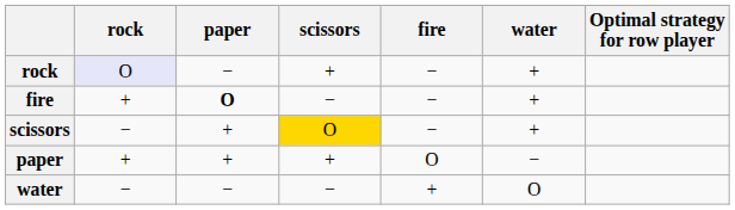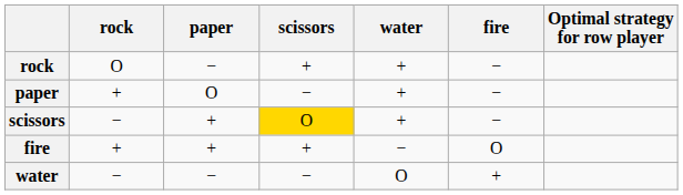 <table class="wikitable">
 <tr>
 <th></th>
 <th style=min-width:5em>rock</th>
 <th style=min-width:5em>paper</th>
 <th style=min-width:5em>scissors</th>
+<th style=min-width:5em>water</th>
 <th style=min-width:5em>fire</th>
-<th style=min-width:5em>water</th>
 <th nowrap>Optimal strategy<br>for row player</th>
 </tr>
 <tr style="text-align: center;">
 <th scope=row>rock</th>
-<td style="background: lavender;">O</td>
+<td>O</td>
+<td>−</td>
+<td>+</td>
+<td>+</td>
+<td>−</td>
+<td></td>
+</tr>
+<tr style="text-align: center;">
+<th scope=row>paper</th>
+<td>+</td>
+<td>O</td>
 <td>−</td>
 <td>+</td>
 <td>−</td>
-<td>+</td>
-<td></td>
-</tr>
-<tr style="text-align: center;">
-<th scope=row>fire</th>
-<td>+</td>
-<td><strong>O</strong></td>
-<td>−</td>
-<td>−</td>
-<td>+</td>
 <td></td>
 </tr>
 <tr style="text-align: center;">
 <th scope=row>scissors</th>
 <td>−</td>
 <td>+</td>
 <td style="background: gold;">O</td>
+<td>+</td>
 <td>−</td>
-<td>+</td>
 <td></td>
 </tr>
 <tr style="text-align: center;">
-<th scope=row>paper</th>
+<th scope=row>fire</th>
 <td>+</td>
 <td>+</td>
 <td>+</td>
+<td>−</td>
 <td>O</td>
-<td>−</td>
 <td></td>
 </tr>
 <tr style="text-align: center;">
 <th scope=row>water</th>
 <td>−</td>
 <td>−</td>
 <td>−</td>
+<td>O</td>
 <td>+</td>
-<td>O</td>
 <td></td>
 </tr>
 </table>
